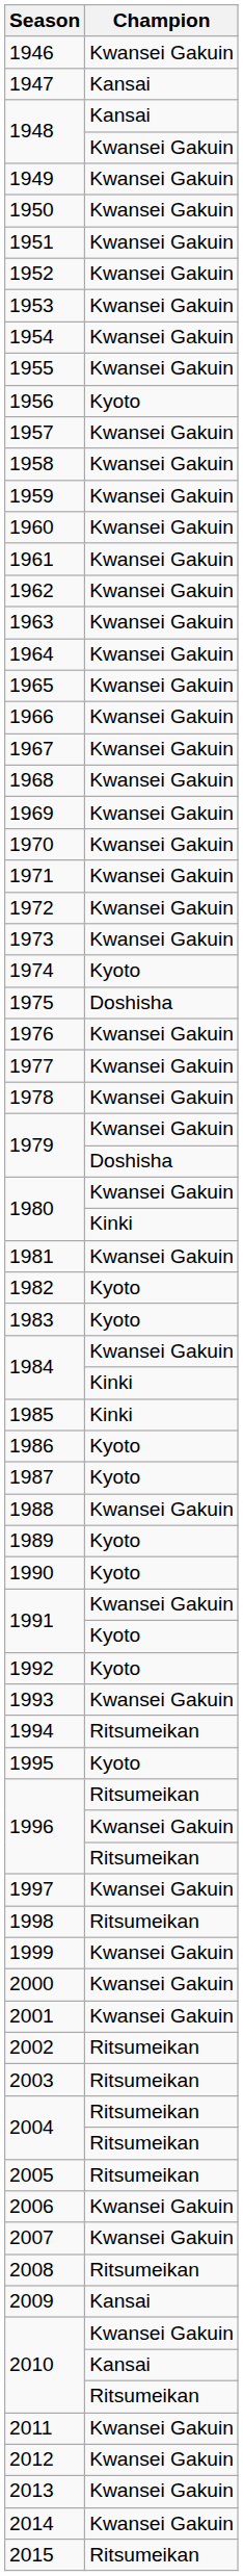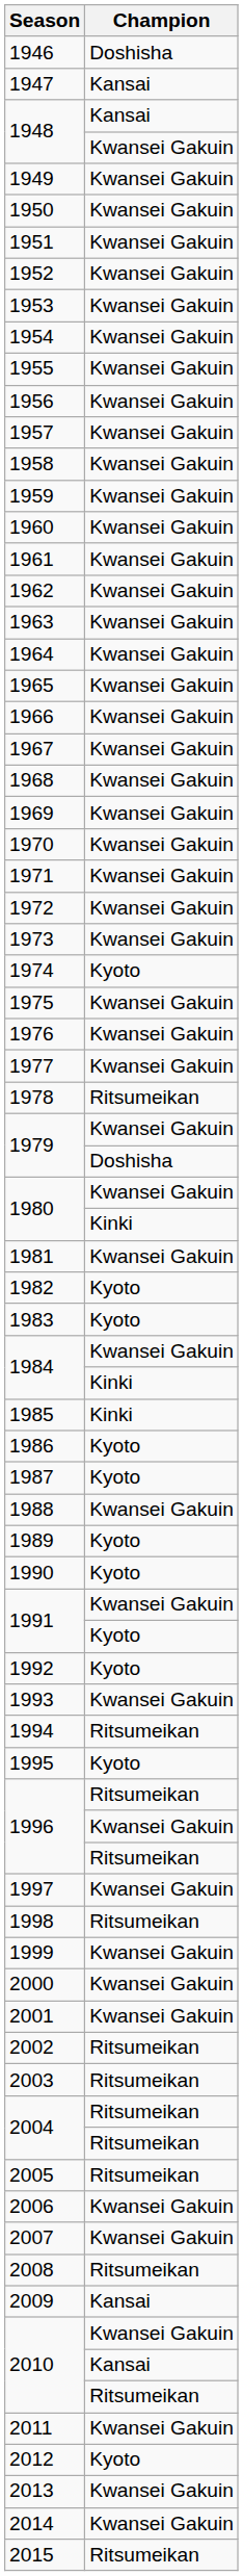 <table class="wikitable sortable">
 <tr>
 <th><strong>Season</strong></th>
 <th><strong>Champion</strong></th>
 </tr>
 <tr>
 <td>1946</td>
-<td>Kwansei Gakuin</td>
+<td>Doshisha</td>
 </tr>
 <tr>
 <td>1947</td>
 <td>Kansai</td>
 </tr>
 <tr>
 <td rowspan=2>1948</td>
 <td>Kansai</td>
 </tr>
 <tr>
 <td>Kwansei Gakuin</td>
 </tr>
 <tr>
 <td>1949</td>
 <td>Kwansei Gakuin</td>
 </tr>
 <tr>
 <td>1950</td>
 <td>Kwansei Gakuin</td>
 </tr>
 <tr>
 <td>1951</td>
 <td>Kwansei Gakuin</td>
 </tr>
 <tr>
 <td>1952</td>
 <td>Kwansei Gakuin</td>
 </tr>
 <tr>
 <td>1953</td>
 <td>Kwansei Gakuin</td>
 </tr>
 <tr>
 <td>1954</td>
 <td>Kwansei Gakuin</td>
 </tr>
 <tr>
 <td>1955</td>
 <td>Kwansei Gakuin</td>
 </tr>
 <tr>
 <td>1956</td>
-<td>Kyoto</td>
+<td>Kwansei Gakuin</td>
 </tr>
 <tr>
 <td>1957</td>
 <td>Kwansei Gakuin</td>
 </tr>
 <tr>
 <td>1958</td>
 <td>Kwansei Gakuin</td>
 </tr>
 <tr>
 <td>1959</td>
 <td>Kwansei Gakuin</td>
 </tr>
 <tr>
 <td>1960</td>
 <td>Kwansei Gakuin</td>
 </tr>
 <tr>
 <td>1961</td>
 <td>Kwansei Gakuin</td>
 </tr>
 <tr>
 <td>1962</td>
 <td>Kwansei Gakuin</td>
 </tr>
 <tr>
 <td>1963</td>
 <td>Kwansei Gakuin</td>
 </tr>
 <tr>
 <td>1964</td>
 <td>Kwansei Gakuin</td>
 </tr>
 <tr>
 <td>1965</td>
 <td>Kwansei Gakuin</td>
 </tr>
 <tr>
 <td>1966</td>
 <td>Kwansei Gakuin</td>
 </tr>
 <tr>
 <td>1967</td>
 <td>Kwansei Gakuin</td>
 </tr>
 <tr>
 <td>1968</td>
 <td>Kwansei Gakuin</td>
 </tr>
 <tr>
 <td>1969</td>
 <td>Kwansei Gakuin</td>
 </tr>
 <tr>
 <td>1970</td>
 <td>Kwansei Gakuin</td>
 </tr>
 <tr>
 <td>1971</td>
 <td>Kwansei Gakuin</td>
 </tr>
 <tr>
 <td>1972</td>
 <td>Kwansei Gakuin</td>
 </tr>
 <tr>
 <td>1973</td>
 <td>Kwansei Gakuin</td>
 </tr>
 <tr>
 <td>1974</td>
 <td>Kyoto</td>
 </tr>
 <tr>
 <td>1975</td>
-<td>Doshisha</td>
+<td>Kwansei Gakuin</td>
 </tr>
 <tr>
 <td>1976</td>
 <td>Kwansei Gakuin</td>
 </tr>
 <tr>
 <td>1977</td>
 <td>Kwansei Gakuin</td>
 </tr>
 <tr>
 <td>1978</td>
-<td>Kwansei Gakuin</td>
+<td>Ritsumeikan</td>
 </tr>
 <tr>
 <td rowspan=2>1979</td>
 <td>Kwansei Gakuin</td>
 </tr>
 <tr>
 <td>Doshisha</td>
 </tr>
 <tr>
 <td rowspan=2>1980</td>
 <td>Kwansei Gakuin</td>
 </tr>
 <tr>
 <td>Kinki</td>
 </tr>
 <tr>
 <td>1981</td>
 <td>Kwansei Gakuin</td>
 </tr>
 <tr>
 <td>1982</td>
 <td>Kyoto</td>
 </tr>
 <tr>
 <td>1983</td>
 <td>Kyoto</td>
 </tr>
 <tr>
 <td rowspan=2>1984</td>
 <td>Kwansei Gakuin</td>
 </tr>
 <tr>
 <td>Kinki</td>
 </tr>
 <tr>
 <td>1985</td>
 <td>Kinki</td>
 </tr>
 <tr>
 <td>1986</td>
 <td>Kyoto</td>
 </tr>
 <tr>
 <td>1987</td>
 <td>Kyoto</td>
 </tr>
 <tr>
 <td>1988</td>
 <td>Kwansei Gakuin</td>
 </tr>
 <tr>
 <td>1989</td>
 <td>Kyoto</td>
 </tr>
 <tr>
 <td>1990</td>
 <td>Kyoto</td>
 </tr>
 <tr>
 <td rowspan=2>1991</td>
 <td>Kwansei Gakuin</td>
 </tr>
 <tr>
 <td>Kyoto</td>
 </tr>
 <tr>
 <td>1992</td>
 <td>Kyoto</td>
 </tr>
 <tr>
 <td>1993</td>
 <td>Kwansei Gakuin</td>
 </tr>
 <tr>
 <td>1994</td>
 <td>Ritsumeikan</td>
 </tr>
 <tr>
 <td>1995</td>
 <td>Kyoto</td>
 </tr>
 <tr>
 <td rowspan=3>1996</td>
 <td>Ritsumeikan</td>
 </tr>
 <tr>
 <td>Kwansei Gakuin</td>
 </tr>
 <tr>
 <td>Ritsumeikan</td>
 </tr>
 <tr>
 <td>1997</td>
 <td>Kwansei Gakuin</td>
 </tr>
 <tr>
 <td>1998</td>
 <td>Ritsumeikan</td>
 </tr>
 <tr>
 <td>1999</td>
 <td>Kwansei Gakuin</td>
 </tr>
 <tr>
 <td>2000</td>
 <td>Kwansei Gakuin</td>
 </tr>
 <tr>
 <td>2001</td>
 <td>Kwansei Gakuin</td>
 </tr>
 <tr>
 <td>2002</td>
 <td>Ritsumeikan</td>
 </tr>
 <tr>
 <td>2003</td>
 <td>Ritsumeikan</td>
 </tr>
 <tr>
 <td rowspan=2>2004</td>
 <td>Ritsumeikan</td>
 </tr>
 <tr>
 <td>Ritsumeikan</td>
 </tr>
 <tr>
 <td>2005</td>
 <td>Ritsumeikan</td>
 </tr>
 <tr>
 <td>2006</td>
 <td>Kwansei Gakuin</td>
 </tr>
 <tr>
 <td>2007</td>
 <td>Kwansei Gakuin</td>
 </tr>
 <tr>
 <td>2008</td>
 <td>Ritsumeikan</td>
 </tr>
 <tr>
 <td>2009</td>
 <td>Kansai</td>
 </tr>
 <tr>
 <td rowspan=3>2010</td>
 <td>Kwansei Gakuin</td>
 </tr>
 <tr>
 <td>Kansai</td>
 </tr>
 <tr>
 <td>Ritsumeikan</td>
 </tr>
 <tr>
 <td>2011</td>
 <td>Kwansei Gakuin</td>
 </tr>
 <tr>
 <td>2012</td>
-<td>Kwansei Gakuin</td>
+<td>Kyoto</td>
 </tr>
 <tr>
 <td>2013</td>
 <td>Kwansei Gakuin</td>
 </tr>
 <tr>
 <td>2014</td>
 <td>Kwansei Gakuin</td>
 </tr>
 <tr>
 <td>2015</td>
 <td>Ritsumeikan</td>
 </tr>
 </table>
